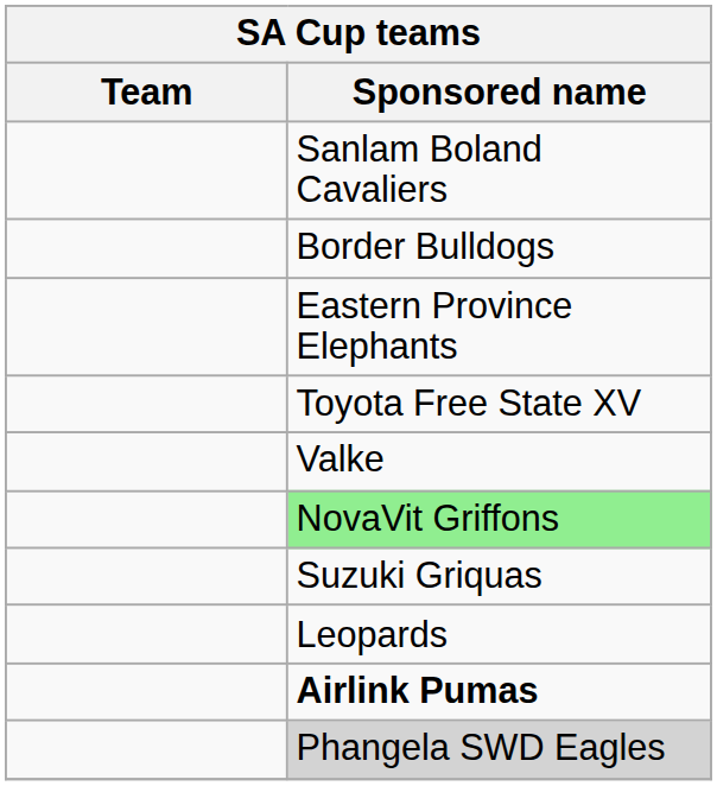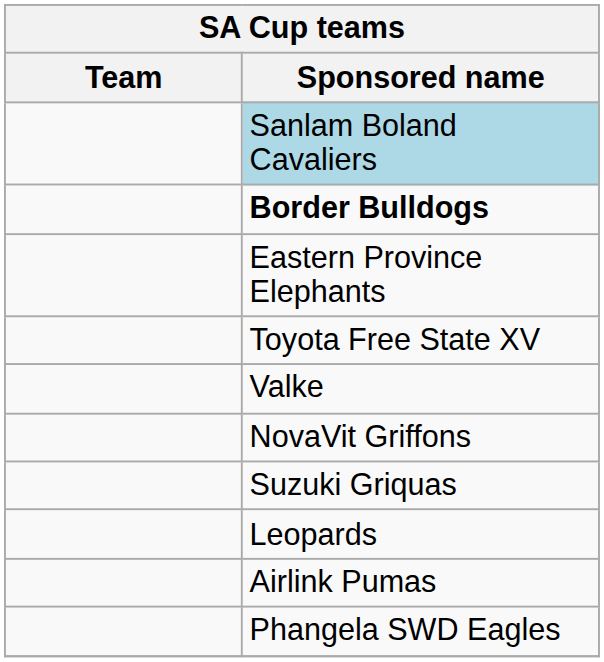 <table class="wikitable sortable" style="text-align:left; width:50%;">
 <tr>
 <th colspan="100%">SA Cup teams</th>
 </tr>
 <tr>
 <th width="40%">Team</th>
 <th width="60%">Sponsored name</th>
 </tr>
 <tr>
 <td></td>
-<td>Sanlam Boland Cavaliers</td>
+<td style="background: lightblue;">Sanlam Boland Cavaliers</td>
 </tr>
 <tr>
 <td></td>
-<td>Border Bulldogs</td>
+<td><strong>Border Bulldogs</strong></td>
 </tr>
 <tr>
 <td></td>
 <td>Eastern Province Elephants</td>
 </tr>
 <tr>
 <td></td>
 <td>Toyota Free State XV</td>
 </tr>
 <tr>
 <td></td>
 <td>Valke</td>
 </tr>
 <tr>
 <td></td>
-<td style="background: lightgreen;">NovaVit Griffons</td>
+<td>NovaVit Griffons</td>
 </tr>
 <tr>
 <td></td>
 <td>Suzuki Griquas</td>
 </tr>
 <tr>
 <td></td>
 <td>Leopards</td>
 </tr>
 <tr>
 <td></td>
-<td><strong>Airlink Pumas</strong></td>
+<td>Airlink Pumas</td>
 </tr>
 <tr>
 <td></td>
-<td style="background: lightgrey;">Phangela SWD Eagles</td>
+<td>Phangela SWD Eagles</td>
 </tr>
 <tr>
 </tr>
 </table>
